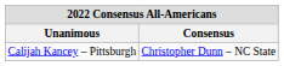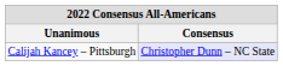 <table class="wikitable" style="white-space:nowrap; font-size:90%; text-align:center;">
 <tr>
 <td colspan="7" style="text-align:center; background:#ddd;"><strong>2022 Consensus All-Americans</strong></td>
 </tr>
 <tr>
 <th>Unanimous</th>
 <th>Consensus</th>
 </tr>
 <tr>
 <td><a href='#'>Calijah Kancey</a> – Pittsburgh</td>
-<td><a href='#'>Christopher Dunn</a> – NC State</td>
+<td style="background: lavender;"><a href='#'>Christopher Dunn</a> – NC State</td>
 </tr>
 </table>
